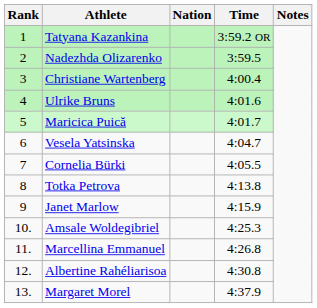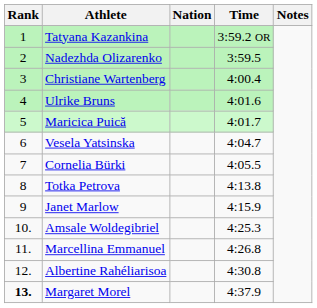 <table class="wikitable sortable" style="text-align:center">
 <tr>
 <th>Rank</th>
 <th>Athlete</th>
 <th>Nation</th>
 <th>Time</th>
 <th>Notes</th>
 </tr>
 <tr style="background:#bbf3bb;">
 <td>1</td>
 <td align=left><a href='#'>Tatyana Kazankina</a></td>
 <td align=left></td>
 <td>3:59.2 <small>OR</small></td>
 </tr>
 <tr style="background:#bbf3bb;">
 <td>2</td>
 <td align=left><a href='#'>Nadezhda Olizarenko</a></td>
 <td align=left></td>
 <td>3:59.5</td>
 </tr>
 <tr style="background:#bbf3bb;">
 <td>3</td>
 <td align=left><a href='#'>Christiane Wartenberg</a></td>
 <td align=left></td>
 <td>4:00.4</td>
 </tr>
 <tr style="background:#bbf3bb;">
 <td>4</td>
 <td align=left><a href='#'>Ulrike Bruns</a></td>
 <td align=left></td>
 <td>4:01.6</td>
 </tr>
 <tr style="background:#ccf9cc;">
 <td>5</td>
 <td align=left><a href='#'>Maricica Puică</a></td>
 <td align=left></td>
 <td>4:01.7</td>
 </tr>
 <tr>
 <td>6</td>
 <td align=left><a href='#'>Vesela Yatsinska</a></td>
 <td align=left></td>
 <td>4:04.7</td>
 </tr>
 <tr>
 <td>7</td>
 <td align=left><a href='#'>Cornelia Bürki</a></td>
 <td align=left></td>
 <td>4:05.5</td>
 </tr>
 <tr>
 <td>8</td>
 <td align=left><a href='#'>Totka Petrova</a></td>
 <td align=left></td>
 <td>4:13.8</td>
 </tr>
 <tr>
 <td>9</td>
 <td align=left><a href='#'>Janet Marlow</a></td>
 <td align=left></td>
 <td>4:15.9</td>
 </tr>
 <tr>
 <td>10.</td>
 <td align=left><a href='#'>Amsale Woldegibriel</a></td>
 <td align=left></td>
 <td>4:25.3</td>
 </tr>
 <tr>
 <td>11.</td>
 <td align=left><a href='#'>Marcellina Emmanuel</a></td>
 <td align=left></td>
 <td>4:26.8</td>
 </tr>
 <tr>
 <td>12.</td>
 <td align=left><a href='#'>Albertine Rahéliarisoa</a></td>
 <td align=left></td>
 <td>4:30.8</td>
 </tr>
 <tr>
-<td>13.</td>
+<td><strong>13.</strong></td>
 <td align=left><a href='#'>Margaret Morel</a></td>
 <td align=left></td>
 <td>4:37.9</td>
 </tr>
 </table>
